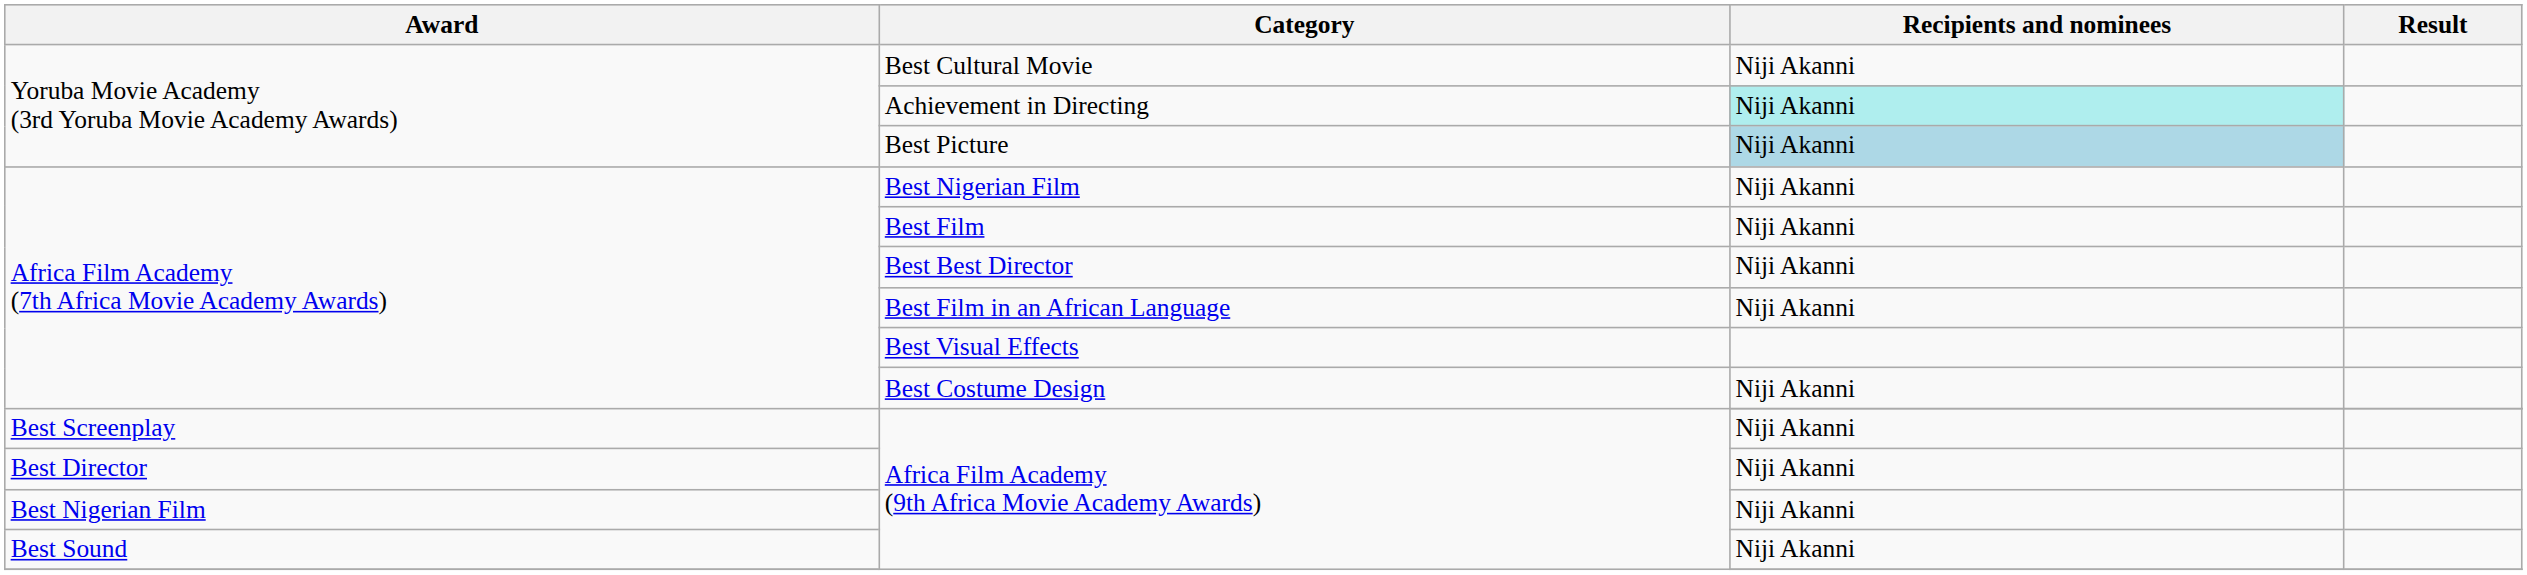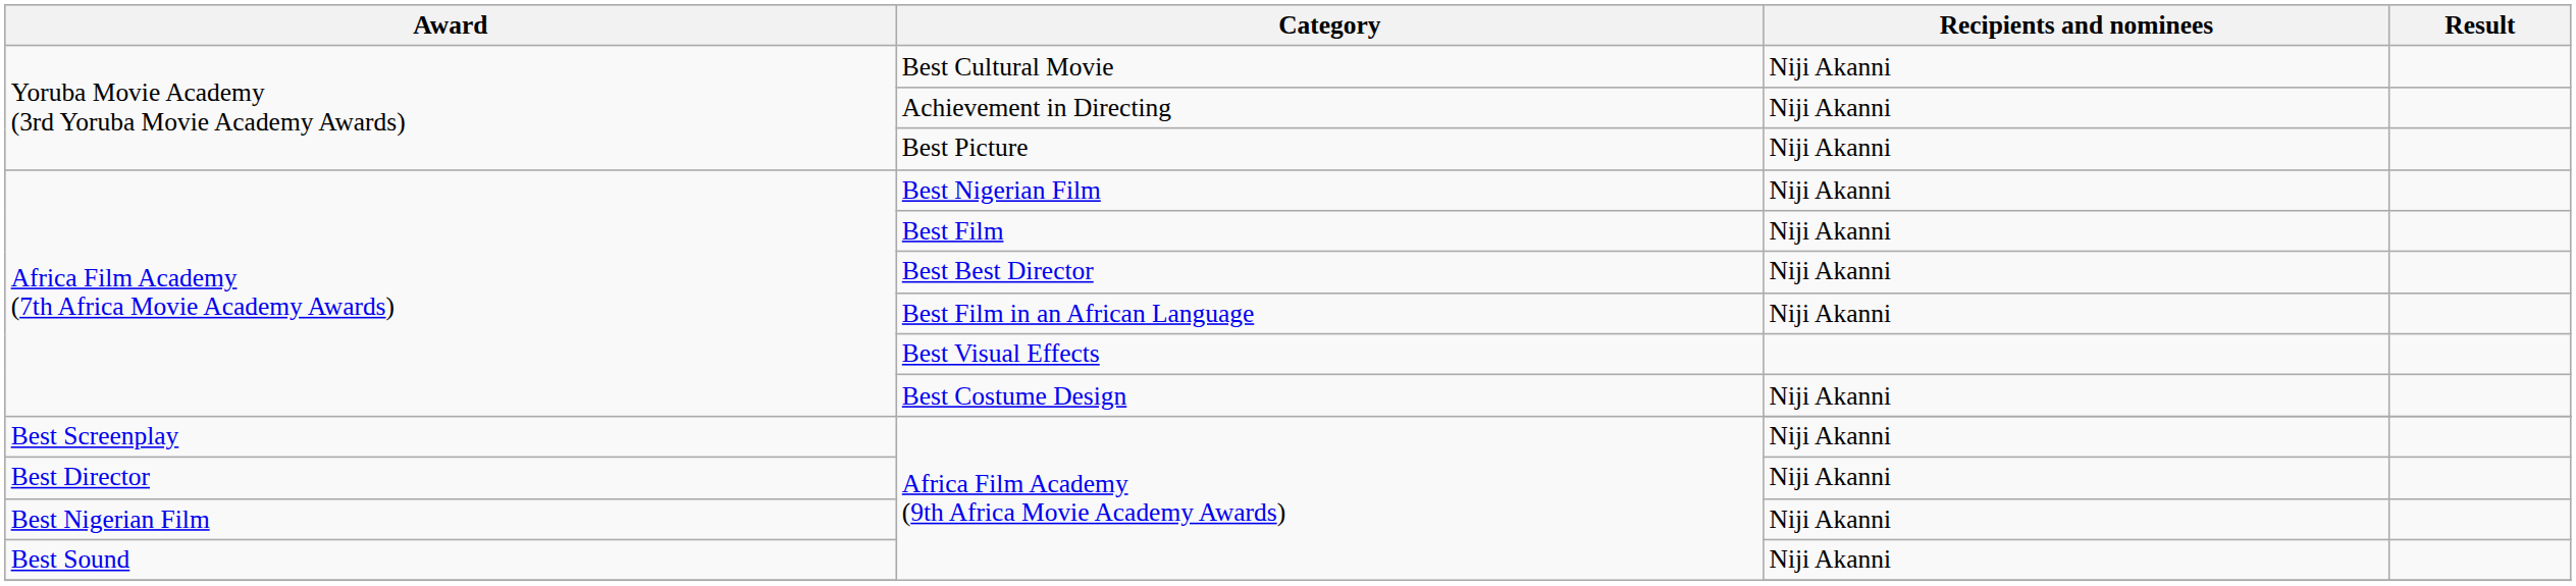 <table class="wikitable sortable" style="width:100%">
 <tr>
 <th>Award</th>
 <th>Category</th>
 <th>Recipients and nominees</th>
 <th>Result</th>
 </tr>
 <tr>
 <td rowspan=3>Yoruba Movie Academy <br> (3rd Yoruba Movie Academy Awards)</td>
 <td>Best Cultural Movie</td>
 <td>Niji Akanni</td>
 <td></td>
 </tr>
 <tr>
 <td>Achievement in Directing</td>
-<td style="background: paleturquoise;">Niji Akanni</td>
+<td>Niji Akanni</td>
 <td></td>
 </tr>
 <tr>
 <td>Best Picture</td>
-<td style="background: lightblue;">Niji Akanni</td>
+<td>Niji Akanni</td>
 <td></td>
 </tr>
 <tr>
 <td rowspan=7><a href='#'>Africa Film Academy</a> <br> (<a href='#'>7th Africa Movie Academy Awards</a>)</td>
 <td><a href='#'>Best Nigerian Film</a></td>
 <td>Niji Akanni</td>
 <td></td>
 </tr>
 <tr>
 <td><a href='#'>Best Film</a></td>
 <td>Niji Akanni</td>
 <td></td>
 </tr>
 <tr>
 <td><a href='#'>Best Best Director</a></td>
 <td>Niji Akanni</td>
 <td></td>
 </tr>
 <tr>
 <td><a href='#'>Best Film in an African Language</a></td>
 <td>Niji Akanni</td>
 <td></td>
 </tr>
 <tr>
 <td><a href='#'>Best Visual Effects</a></td>
 <td></td>
 <td></td>
 </tr>
 <tr>
 <td><a href='#'>Best Costume Design</a></td>
 <td>Niji Akanni</td>
 <td></td>
 </tr>
 <tr>
 <td rowspan=6><a href='#'>Africa Film Academy</a> <br> (<a href='#'>9th Africa Movie Academy Awards</a>)</td>
 </tr>
 <tr>
 <td><a href='#'>Best Screenplay</a></td>
 <td>Niji Akanni</td>
 <td></td>
 </tr>
 <tr>
 <td><a href='#'>Best Director</a></td>
 <td>Niji Akanni</td>
 <td></td>
 </tr>
 <tr>
 <td><a href='#'>Best Nigerian Film</a></td>
 <td>Niji Akanni</td>
 <td></td>
 </tr>
 <tr>
 <td><a href='#'>Best Sound</a></td>
 <td>Niji Akanni</td>
 <td></td>
 </tr>
 <tr>
 </tr>
 </table>
